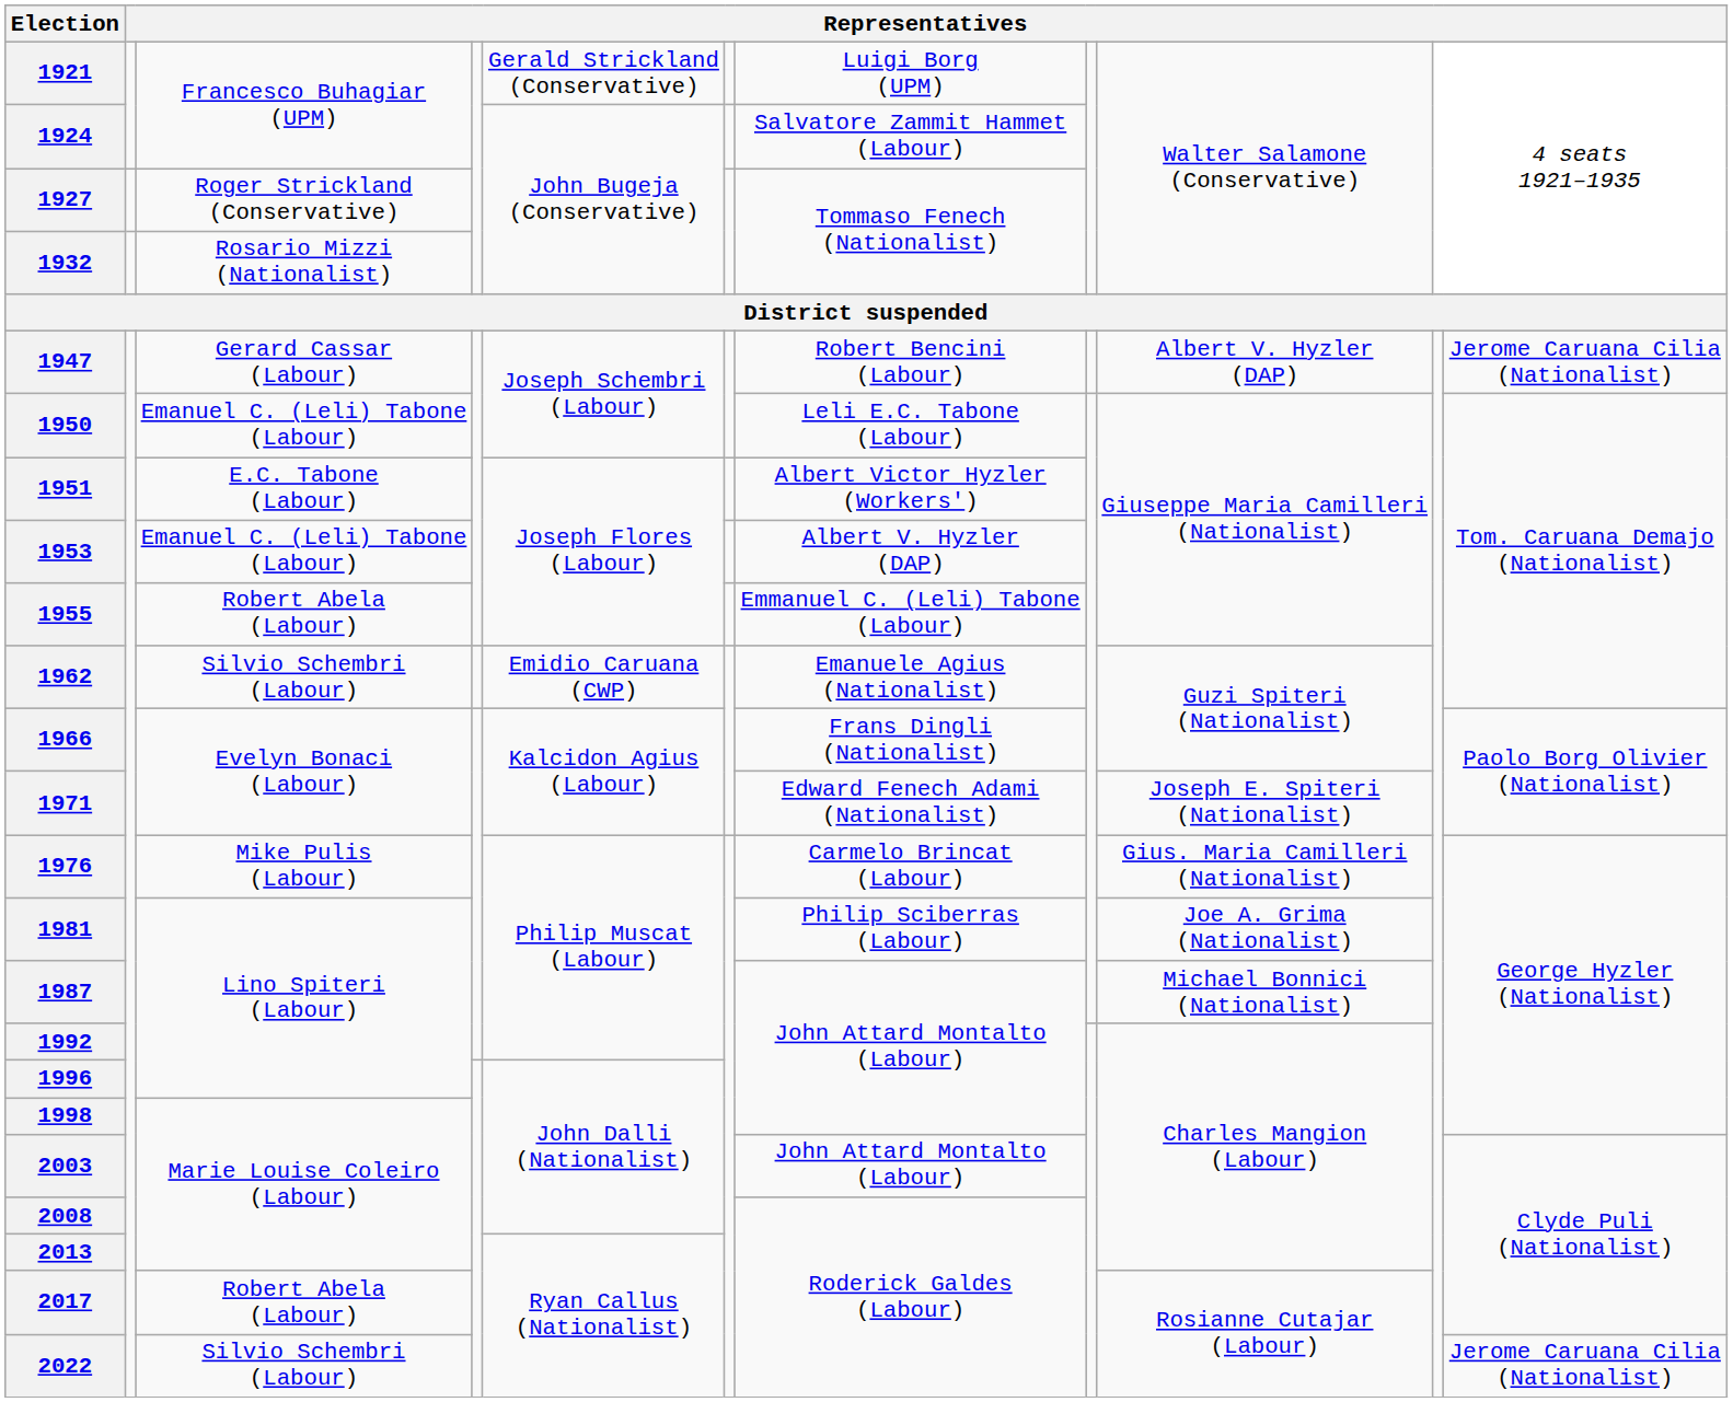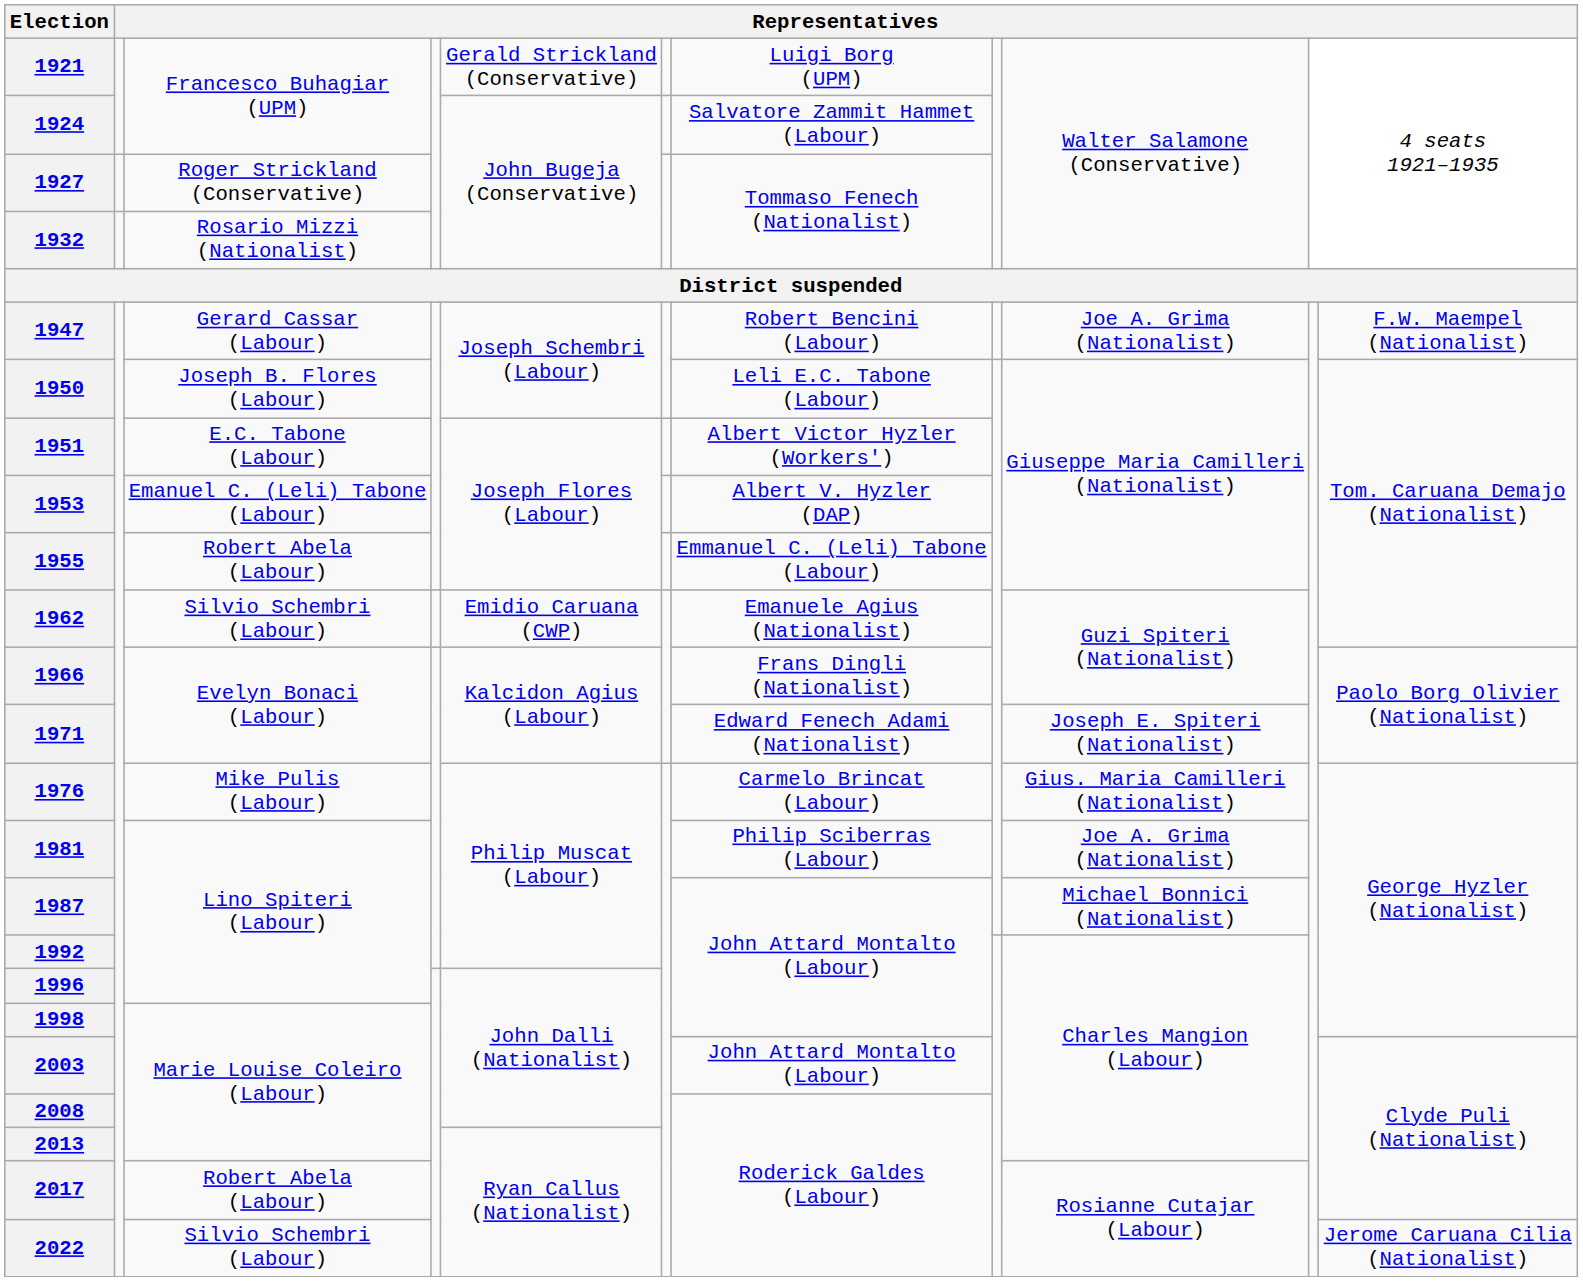 <table class="wikitable" style="text-align:center">
 <tr>
 <th>Election</th>
 <th colspan=10>Representatives</th>
 </tr>
 <tr>
 <th><a href='#'>1921</a></th>
 <td rowspan=2; style="background-color: "></td>
 <td rowspan=2><a href='#'>Francesco Buhagiar</a><br>(<a href='#'>UPM</a>)</td>
 <td rowspan=4; style="background-color: "></td>
 <td rowspan=1><a href='#'>Gerald Strickland</a><br>(Conservative)</td>
 <td rowspan=1; style="background-color: "></td>
 <td rowspan=1><a href='#'>Luigi Borg</a><br>(<a href='#'>UPM</a>)</td>
 <td rowspan=4; style="background-color: "></td>
 <td rowspan=4><a href='#'>Walter Salamone</a><br>(Conservative)</td>
 <td style="background-color:#FFFFFF" rowspan=4 colspan=2><em>4 seats<br>1921–1935</em></td>
 </tr>
 <tr>
 <th><a href='#'>1924</a></th>
 <td rowspan=3><a href='#'>John Bugeja</a><br>(Conservative)</td>
 <td rowspan=1; style="background-color: "></td>
 <td rowspan=1><a href='#'>Salvatore Zammit Hammet</a><br>(<a href='#'>Labour</a>)</td>
 </tr>
 <tr>
 <th><a href='#'>1927</a></th>
 <td rowspan=1; style="background-color: "></td>
 <td rowspan=1><a href='#'>Roger Strickland</a><br>(Conservative)</td>
 <td rowspan=2; style="background-color: "></td>
 <td rowspan=2><a href='#'>Tommaso Fenech</a><br>(<a href='#'>Nationalist</a>)</td>
 </tr>
 <tr>
 <th><a href='#'>1932</a></th>
 <td rowspan=1; style="background-color: "></td>
 <td rowspan=1><a href='#'>Rosario Mizzi</a><br>(<a href='#'>Nationalist</a>)</td>
 </tr>
 <tr>
 <th colspan=13>District suspended</th>
 </tr>
 <tr>
 <th><a href='#'>1947</a></th>
 <td rowspan=19; style="background-color: "></td>
 <td rowspan=1><a href='#'>Gerard Cassar</a><br>(<a href='#'>Labour</a>)</td>
 <td rowspan=5; style="background-color: "></td>
 <td rowspan=2><a href='#'>Joseph Schembri</a><br>(<a href='#'>Labour</a>)</td>
 <td rowspan=2; style="background-color: "></td>
 <td rowspan=1><a href='#'>Robert Bencini</a><br>(<a href='#'>Labour</a>)</td>
 <td rowspan=1; style="background-color: "></td>
-<td rowspan=1><a href='#'>Albert V. Hyzler</a><br>(<a href='#'>DAP</a>)</td>
+<td rowspan=1><a href='#'>Joe A. Grima</a><br>(<a href='#'>Nationalist</a>)</td>
 <td rowspan=19; style="background-color: "></td>
-<td rowspan=1><a href='#'>Jerome Caruana Cilia</a><br>(<a href='#'>Nationalist</a>)</td>
+<td rowspan=1><a href='#'>F.W. Maempel</a><br>(<a href='#'>Nationalist</a>)</td>
 </tr>
 <tr>
 <th><a href='#'>1950</a></th>
-<td rowspan=1><a href='#'>Emanuel C. (Leli) Tabone</a><br>(<a href='#'>Labour</a>)</td>
+<td rowspan=1><a href='#'>Joseph B. Flores</a><br>(<a href='#'>Labour</a>)</td>
 <td rowspan=1><a href='#'>Leli E.C. Tabone</a><br>(<a href='#'>Labour</a>)</td>
 <td rowspan=10; style="background-color: "></td>
 <td rowspan=4><a href='#'>Giuseppe Maria Camilleri</a><br>(<a href='#'>Nationalist</a>)</td>
 <td rowspan=5><a href='#'>Tom. Caruana Demajo</a><br>(<a href='#'>Nationalist</a>)</td>
 </tr>
 <tr>
 <th><a href='#'>1951</a></th>
 <td rowspan=1><a href='#'>E.C. Tabone</a><br>(<a href='#'>Labour</a>)</td>
 <td rowspan=3><a href='#'>Joseph Flores</a><br>(<a href='#'>Labour</a>)</td>
 <td rowspan=1; style="background-color: "></td>
 <td rowspan=1><a href='#'>Albert Victor Hyzler</a><br>(<a href='#'>Workers'</a>)</td>
 </tr>
 <tr>
 <th><a href='#'>1953</a></th>
 <td rowspan=1><a href='#'>Emanuel C. (Leli) Tabone</a><br>(<a href='#'>Labour</a>)</td>
 <td rowspan=1; style="background-color: "></td>
 <td rowspan=1><a href='#'>Albert V. Hyzler</a><br>(<a href='#'>DAP</a>)</td>
 </tr>
 <tr>
 <th><a href='#'>1955</a></th>
 <td><a href='#'>Robert Abela</a><br>(<a href='#'>Labour</a>)</td>
 <td rowspan=1; style="background-color: "></td>
 <td rowspan=1><a href='#'>Emmanuel C. (Leli) Tabone</a><br>(<a href='#'>Labour</a>)</td>
 </tr>
 <tr>
 <th><a href='#'>1962</a></th>
 <td rowspan=1><a href='#'>Silvio Schembri</a><br>(<a href='#'>Labour</a>)</td>
 <td rowspan=1; style="background-color: "></td>
 <td rowspan=1><a href='#'>Emidio Caruana</a><br>(<a href='#'>CWP</a>)</td>
 <td rowspan=3; style="background-color: "></td>
 <td rowspan=1><a href='#'>Emanuele Agius</a><br>(<a href='#'>Nationalist</a>)</td>
 <td rowspan=2><a href='#'>Guzi Spiteri</a><br>(<a href='#'>Nationalist</a>)</td>
 </tr>
 <tr>
 <th><a href='#'>1966</a></th>
 <td rowspan=2><a href='#'>Evelyn Bonaci</a><br>(<a href='#'>Labour</a>)</td>
 <td rowspan=6; style="background-color: "></td>
 <td rowspan=2><a href='#'>Kalcidon Agius</a><br>(<a href='#'>Labour</a>)</td>
 <td rowspan=1><a href='#'>Frans Dingli</a><br>(<a href='#'>Nationalist</a>)</td>
 <td rowspan=2><a href='#'>Paolo Borg Olivier</a><br>(<a href='#'>Nationalist</a>)</td>
 </tr>
 <tr>
 <th><a href='#'>1971</a></th>
 <td rowspan=1><a href='#'>Edward Fenech Adami</a><br>(<a href='#'>Nationalist</a>)</td>
 <td rowspan=1><a href='#'>Joseph E. Spiteri</a><br>(<a href='#'>Nationalist</a>)</td>
 </tr>
 <tr>
 <th><a href='#'>1976</a></th>
 <td rowspan=1><a href='#'>Mike Pulis</a><br>(<a href='#'>Labour</a>)</td>
 <td rowspan=4><a href='#'>Philip Muscat</a><br>(<a href='#'>Labour</a>)</td>
 <td rowspan=11; style="background-color: "></td>
 <td rowspan=1><a href='#'>Carmelo Brincat</a><br>(<a href='#'>Labour</a>)</td>
 <td rowspan=1><a href='#'>Gius. Maria Camilleri</a><br>(<a href='#'>Nationalist</a>)</td>
 <td rowspan=6><a href='#'>George Hyzler</a><br>(<a href='#'>Nationalist</a>)</td>
 </tr>
 <tr>
 <th><a href='#'>1981</a></th>
 <td rowspan=4><a href='#'>Lino Spiteri</a><br>(<a href='#'>Labour</a>)</td>
 <td rowspan=1><a href='#'>Philip Sciberras</a><br>(<a href='#'>Labour</a>)</td>
 <td rowspan=1><a href='#'>Joe A. Grima</a><br>(<a href='#'>Nationalist</a>)</td>
 </tr>
 <tr>
 <th><a href='#'>1987</a></th>
 <td rowspan=4><a href='#'>John Attard Montalto</a><br>(<a href='#'>Labour</a>)</td>
 <td rowspan=1><a href='#'>Michael Bonnici</a><br>(<a href='#'>Nationalist</a>)</td>
 </tr>
 <tr>
 <th><a href='#'>1992</a></th>
 <td rowspan=8; style="background-color: "></td>
 <td rowspan=6><a href='#'>Charles Mangion</a><br>(<a href='#'>Labour</a>)</td>
 </tr>
 <tr>
 <th><a href='#'>1996</a></th>
 <td rowspan=7; style="background-color: "></td>
 <td rowspan=4><a href='#'>John Dalli</a><br>(<a href='#'>Nationalist</a>)</td>
 </tr>
 <tr>
 <th><a href='#'>1998</a></th>
 <td rowspan=4><a href='#'>Marie Louise Coleiro</a><br>(<a href='#'>Labour</a>)</td>
 </tr>
 <tr>
 <th><a href='#'>2003</a></th>
 <td rowspan=1><a href='#'>John Attard Montalto</a><br>(<a href='#'>Labour</a>)</td>
 <td rowspan=4><a href='#'>Clyde Puli</a><br>(<a href='#'>Nationalist</a>)</td>
 </tr>
 <tr>
 <th><a href='#'>2008</a></th>
 <td rowspan=4><a href='#'>Roderick Galdes</a><br>(<a href='#'>Labour</a>)</td>
 </tr>
 <tr>
 <th><a href='#'>2013</a></th>
 <td rowspan=3><a href='#'>Ryan Callus</a><br>(<a href='#'>Nationalist</a>)</td>
 </tr>
 <tr>
 <th><a href='#'>2017</a></th>
 <td><a href='#'>Robert Abela</a><br>(<a href='#'>Labour</a>)</td>
 <td rowspan=2><a href='#'>Rosianne Cutajar</a><br>(<a href='#'>Labour</a>)</td>
 </tr>
 <tr>
 <th><a href='#'>2022</a></th>
 <td rowspan=1><a href='#'>Silvio Schembri</a><br>(<a href='#'>Labour</a>)</td>
 <td rowspan=1><a href='#'>Jerome Caruana Cilia</a><br>(<a href='#'>Nationalist</a>)</td>
 </tr>
 </table>
